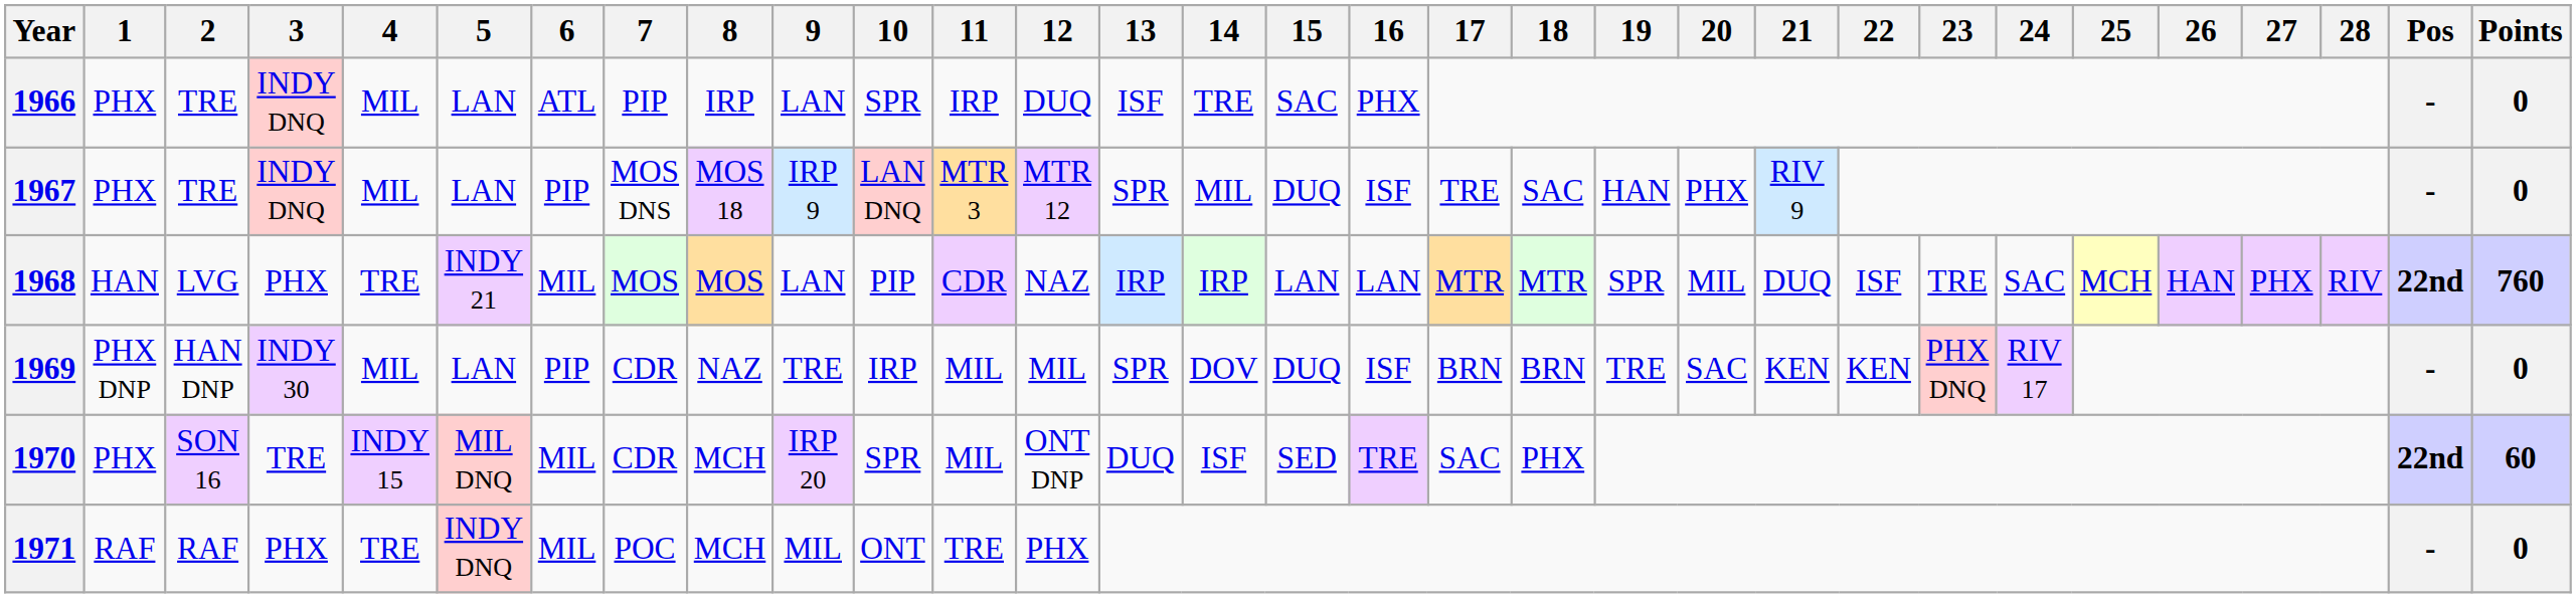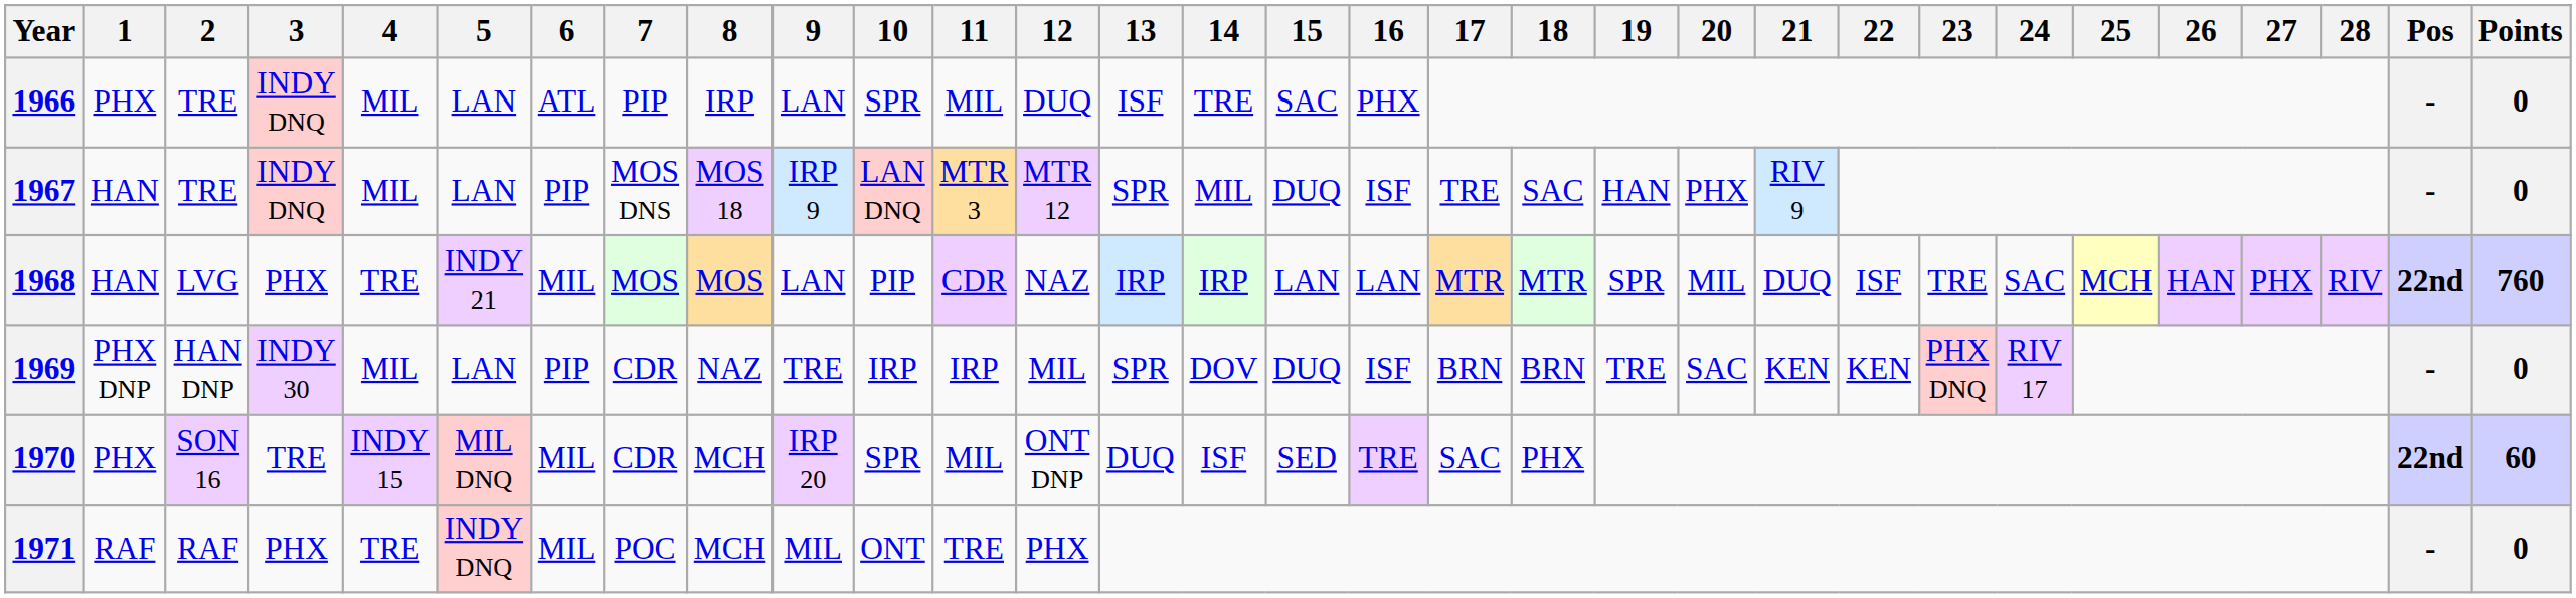 <table class="wikitable" style="text-align:center; font-size:90%">
 <tr>
 <th>Year</th>
 <th>1</th>
 <th>2</th>
 <th>3</th>
 <th>4</th>
 <th>5</th>
 <th>6</th>
 <th>7</th>
 <th>8</th>
 <th>9</th>
 <th>10</th>
 <th>11</th>
 <th>12</th>
 <th>13</th>
 <th>14</th>
 <th>15</th>
 <th>16</th>
 <th>17</th>
 <th>18</th>
 <th>19</th>
 <th>20</th>
 <th>21</th>
 <th>22</th>
 <th>23</th>
 <th>24</th>
 <th>25</th>
 <th>26</th>
 <th>27</th>
 <th>28</th>
 <th>Pos</th>
 <th>Points</th>
 </tr>
 <tr>
 <th><a href='#'>1966</a></th>
 <td><a href='#'>PHX</a></td>
 <td><a href='#'>TRE</a></td>
 <td style="background:#FFCFCF;"><a href='#'>INDY</a><br><small>DNQ</small></td>
 <td><a href='#'>MIL</a></td>
 <td><a href='#'>LAN</a></td>
 <td><a href='#'>ATL</a></td>
 <td><a href='#'>PIP</a></td>
 <td><a href='#'>IRP</a></td>
 <td><a href='#'>LAN</a></td>
 <td><a href='#'>SPR</a></td>
-<td><a href='#'>IRP</a></td>
+<td><a href='#'>MIL</a></td>
 <td><a href='#'>DUQ</a></td>
 <td><a href='#'>ISF</a></td>
 <td><a href='#'>TRE</a></td>
 <td><a href='#'>SAC</a></td>
 <td><a href='#'>PHX</a></td>
 <td colspan=12></td>
 <th>-</th>
 <th>0</th>
 </tr>
 <tr>
 <th><a href='#'>1967</a></th>
-<td><a href='#'>PHX</a></td>
+<td><a href='#'>HAN</a></td>
 <td><a href='#'>TRE</a></td>
 <td style="background:#FFCFCF;"><a href='#'>INDY</a><br><small>DNQ</small></td>
 <td><a href='#'>MIL</a></td>
 <td><a href='#'>LAN</a></td>
 <td><a href='#'>PIP</a></td>
 <td><a href='#'>MOS</a><br><small>DNS</small></td>
 <td style="background:#EFCFFF;"><a href='#'>MOS</a><br><small>18</small></td>
 <td style="background:#CFEAFF;"><a href='#'>IRP</a><br><small>9</small></td>
 <td style="background:#FFCFCF;"><a href='#'>LAN</a><br><small>DNQ</small></td>
 <td style="background:#FFDF9F;"><a href='#'>MTR</a><br><small>3</small></td>
 <td style="background:#EFCFFF;"><a href='#'>MTR</a><br><small>12</small></td>
 <td><a href='#'>SPR</a></td>
 <td><a href='#'>MIL</a></td>
 <td><a href='#'>DUQ</a></td>
 <td><a href='#'>ISF</a></td>
 <td><a href='#'>TRE</a></td>
 <td><a href='#'>SAC</a></td>
 <td><a href='#'>HAN</a></td>
 <td><a href='#'>PHX</a></td>
 <td style="background:#CFEAFF;"><a href='#'>RIV</a><br><small>9</small></td>
 <td colspan=7></td>
 <th>-</th>
 <th>0</th>
 </tr>
 <tr>
 <th><a href='#'>1968</a></th>
 <td><a href='#'>HAN</a></td>
 <td><a href='#'>LVG</a></td>
 <td><a href='#'>PHX</a></td>
 <td><a href='#'>TRE</a></td>
 <td style="background:#EFCFFF;"><a href='#'>INDY</a><br><small>21</small></td>
 <td><a href='#'>MIL</a></td>
 <td style="background:#DFFFDF;"><a href='#'>MOS</a><br></td>
 <td style="background:#FFDF9F;"><a href='#'>MOS</a><br></td>
 <td><a href='#'>LAN</a></td>
 <td><a href='#'>PIP</a></td>
 <td style="background:#EFCFFF;"><a href='#'>CDR</a><br></td>
 <td><a href='#'>NAZ</a></td>
 <td style="background:#CFEAFF;"><a href='#'>IRP</a><br></td>
 <td style="background:#DFFFDF;"><a href='#'>IRP</a><br></td>
 <td><a href='#'>LAN</a></td>
 <td><a href='#'>LAN</a></td>
 <td style="background:#FFDF9F;"><a href='#'>MTR</a><br></td>
 <td style="background:#DFFFDF;"><a href='#'>MTR</a><br></td>
 <td><a href='#'>SPR</a></td>
 <td><a href='#'>MIL</a></td>
 <td><a href='#'>DUQ</a></td>
 <td><a href='#'>ISF</a></td>
 <td><a href='#'>TRE</a></td>
 <td><a href='#'>SAC</a></td>
 <td style="background:#FFFFBF;"><a href='#'>MCH</a><br></td>
 <td style="background:#EFCFFF;"><a href='#'>HAN</a><br></td>
 <td style="background:#EFCFFF;"><a href='#'>PHX</a><br></td>
 <td style="background:#EFCFFF;"><a href='#'>RIV</a><br></td>
 <th style="background:#CFCFFF;">22nd</th>
 <th style="background:#CFCFFF;">760</th>
 </tr>
 <tr>
 <th><a href='#'>1969</a></th>
 <td><a href='#'>PHX</a><br><small>DNP</small></td>
 <td><a href='#'>HAN</a><br><small>DNP</small></td>
 <td style="background:#EFCFFF;"><a href='#'>INDY</a><br><small>30</small></td>
 <td><a href='#'>MIL</a></td>
 <td><a href='#'>LAN</a></td>
 <td><a href='#'>PIP</a></td>
 <td><a href='#'>CDR</a></td>
 <td><a href='#'>NAZ</a></td>
 <td><a href='#'>TRE</a></td>
 <td><a href='#'>IRP</a></td>
-<td><a href='#'>MIL</a></td>
+<td><a href='#'>IRP</a></td>
 <td><a href='#'>MIL</a></td>
 <td><a href='#'>SPR</a></td>
 <td><a href='#'>DOV</a></td>
 <td><a href='#'>DUQ</a></td>
 <td><a href='#'>ISF</a></td>
 <td><a href='#'>BRN</a></td>
 <td><a href='#'>BRN</a></td>
 <td><a href='#'>TRE</a></td>
 <td><a href='#'>SAC</a></td>
 <td><a href='#'>KEN</a><br></td>
 <td><a href='#'>KEN</a></td>
 <td style="background:#FFCFCF;"><a href='#'>PHX</a><br><small>DNQ</small></td>
 <td style="background:#EFCFFF;"><a href='#'>RIV</a><br><small>17</small></td>
 <td colspan=4></td>
 <th>-</th>
 <th>0</th>
 </tr>
 <tr>
 <th><a href='#'>1970</a></th>
 <td><a href='#'>PHX</a></td>
 <td style="background:#EFCFFF;"><a href='#'>SON</a><br><small>16</small></td>
 <td><a href='#'>TRE</a></td>
 <td style="background:#EFCFFF;"><a href='#'>INDY</a><br><small>15</small></td>
 <td style="background:#FFCFCF;"><a href='#'>MIL</a><br><small>DNQ</small></td>
 <td><a href='#'>MIL</a></td>
 <td><a href='#'>CDR</a></td>
 <td><a href='#'>MCH</a></td>
 <td style="background:#EFCFFF;"><a href='#'>IRP</a><br><small>20</small></td>
 <td><a href='#'>SPR</a></td>
 <td><a href='#'>MIL</a></td>
 <td><a href='#'>ONT</a><br><small>DNP</small></td>
 <td><a href='#'>DUQ</a></td>
 <td><a href='#'>ISF</a></td>
 <td><a href='#'>SED</a></td>
 <td style="background:#EFCFFF;"><a href='#'>TRE</a><br></td>
 <td><a href='#'>SAC</a></td>
 <td><a href='#'>PHX</a></td>
 <td colspan=10></td>
 <th style="background:#CFCFFF;">22nd</th>
 <th style="background:#CFCFFF;">60</th>
 </tr>
 <tr>
 <th><a href='#'>1971</a></th>
 <td><a href='#'>RAF</a></td>
 <td><a href='#'>RAF</a></td>
 <td><a href='#'>PHX</a></td>
 <td><a href='#'>TRE</a></td>
 <td style="background:#ffcfcf;"><a href='#'>INDY</a><br><small>DNQ</small></td>
 <td><a href='#'>MIL</a></td>
 <td><a href='#'>POC</a></td>
 <td><a href='#'>MCH</a></td>
 <td><a href='#'>MIL</a></td>
 <td><a href='#'>ONT</a></td>
 <td><a href='#'>TRE</a></td>
 <td><a href='#'>PHX</a></td>
 <td colspan=16></td>
 <th>-</th>
 <th>0</th>
 </tr>
 </table>
